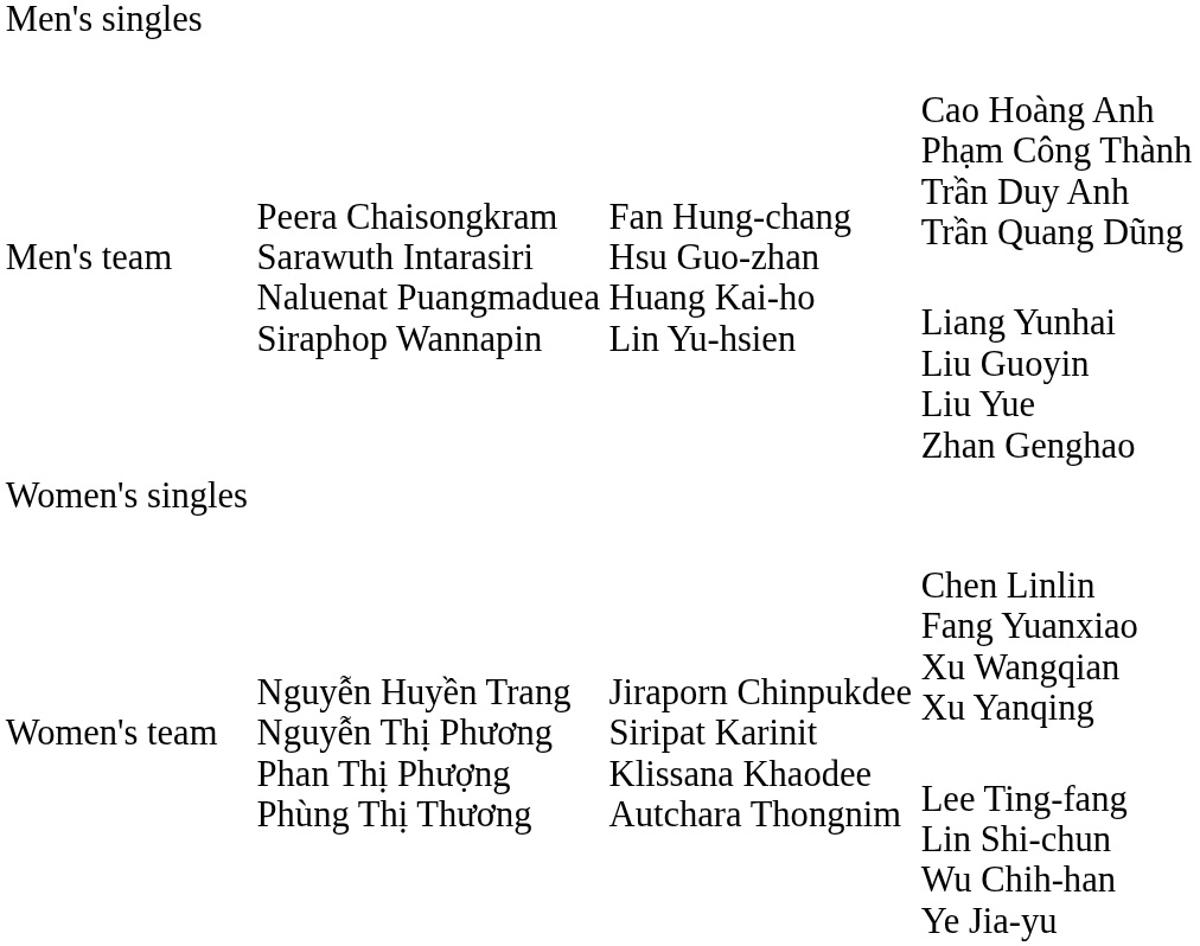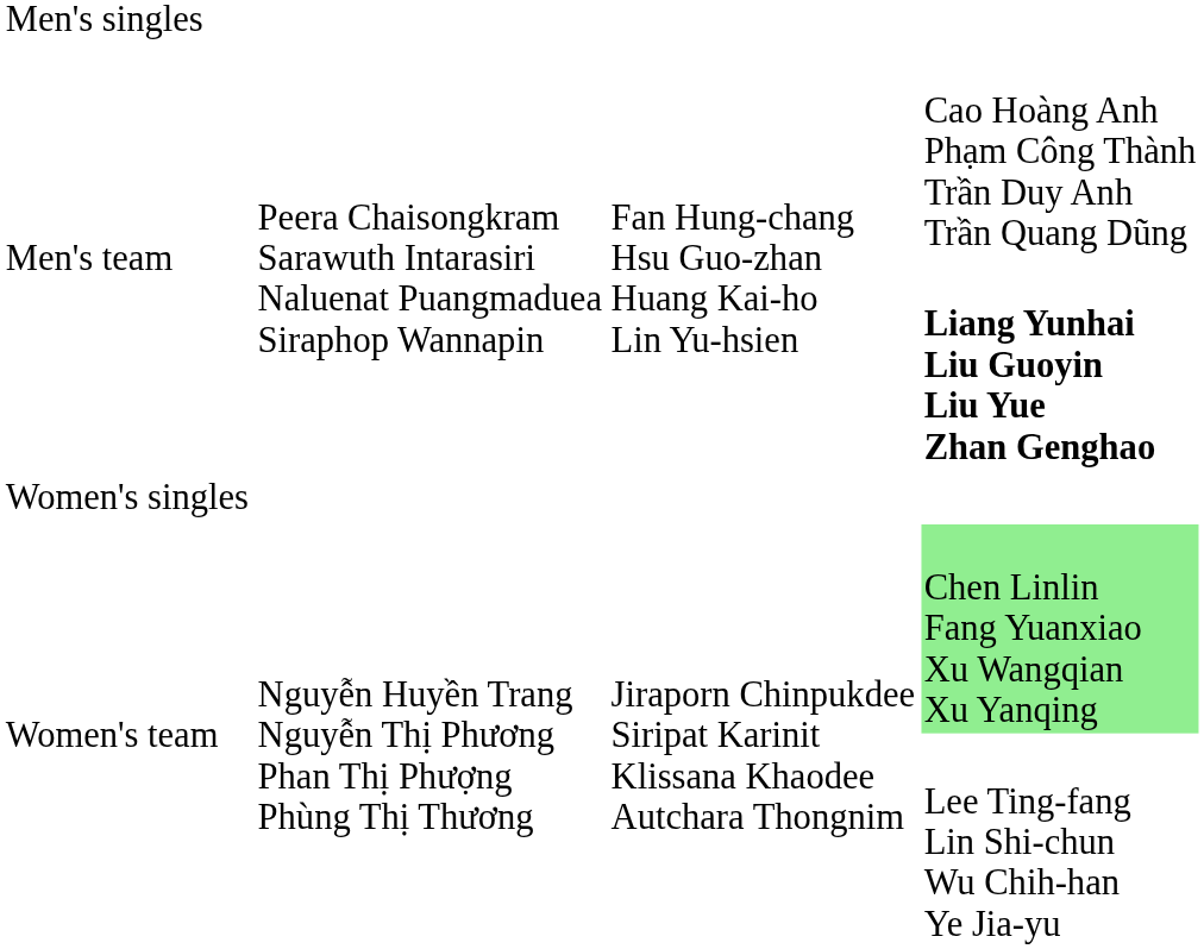 <table>
 <tr>
 <td rowspan=2>Men's singles</td>
 <td rowspan=2></td>
 <td rowspan=2></td>
 <td></td>
 </tr>
 <tr>
 <td></td>
 </tr>
 <tr>
 <td rowspan=2>Men's team</td>
 <td rowspan=2><br>Peera Chaisongkram<br>Sarawuth Intarasiri<br>Naluenat Puangmaduea<br>Siraphop Wannapin</td>
 <td rowspan=2><br>Fan Hung-chang<br>Hsu Guo-zhan<br>Huang Kai-ho<br>Lin Yu-hsien</td>
 <td><br>Cao Hoàng Anh<br>Phạm Công Thành<br>Trần Duy Anh<br>Trần Quang Dũng</td>
 </tr>
 <tr>
-<td><br>Liang Yunhai<br>Liu Guoyin<br>Liu Yue<br>Zhan Genghao</td>
+<td><strong><br>Liang Yunhai<br>Liu Guoyin<br>Liu Yue<br>Zhan Genghao</strong></td>
 </tr>
 <tr>
 <td rowspan=2>Women's singles</td>
 <td rowspan=2></td>
 <td rowspan=2></td>
 <td></td>
 </tr>
 <tr>
 <td></td>
 </tr>
 <tr>
 <td rowspan=2>Women's team</td>
 <td rowspan=2><br>Nguyễn Huyền Trang<br>Nguyễn Thị Phương<br>Phan Thị Phượng<br>Phùng Thị Thương</td>
 <td rowspan=2><br>Jiraporn Chinpukdee<br>Siripat Karinit<br>Klissana Khaodee<br>Autchara Thongnim</td>
-<td><br>Chen Linlin<br>Fang Yuanxiao<br>Xu Wangqian<br>Xu Yanqing</td>
+<td style="background: lightgreen;"><br>Chen Linlin<br>Fang Yuanxiao<br>Xu Wangqian<br>Xu Yanqing</td>
 </tr>
 <tr>
 <td><br>Lee Ting-fang<br>Lin Shi-chun<br>Wu Chih-han<br>Ye Jia-yu</td>
 </tr>
 </table>
